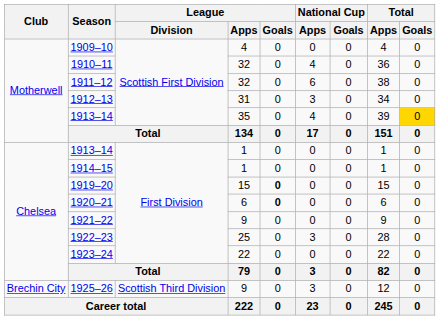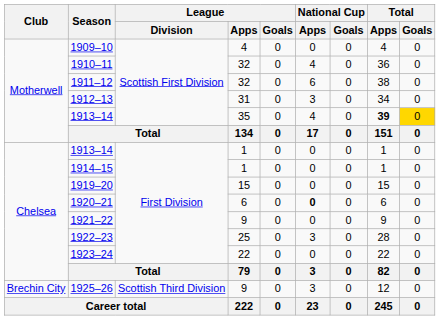 <table class="wikitable" style="text-align: center;">
 <tr>
 <th rowspan="2">Club</th>
 <th rowspan="2">Season</th>
 <th colspan="3">League</th>
 <th colspan="2">National Cup</th>
 <th colspan="2">Total</th>
 </tr>
 <tr>
 <th>Division</th>
 <th>Apps</th>
 <th>Goals</th>
 <th>Apps</th>
 <th>Goals</th>
 <th>Apps</th>
 <th>Goals</th>
 </tr>
 <tr>
 <td rowspan="6"><a href='#'>Motherwell</a></td>
 <td><a href='#'>1909–10</a></td>
 <td rowspan="5"><a href='#'>Scottish First Division</a></td>
 <td>4</td>
 <td>0</td>
 <td>0</td>
 <td>0</td>
 <td>4</td>
 <td>0</td>
 </tr>
 <tr>
 <td><a href='#'>1910–11</a></td>
 <td>32</td>
 <td>0</td>
 <td>4</td>
 <td>0</td>
 <td>36</td>
 <td>0</td>
 </tr>
 <tr>
 <td><a href='#'>1911–12</a></td>
 <td>32</td>
 <td>0</td>
 <td>6</td>
 <td>0</td>
 <td>38</td>
 <td>0</td>
 </tr>
 <tr>
 <td><a href='#'>1912–13</a></td>
 <td>31</td>
 <td>0</td>
 <td>3</td>
 <td>0</td>
 <td>34</td>
 <td>0</td>
 </tr>
 <tr>
 <td><a href='#'>1913–14</a></td>
 <td>35</td>
 <td>0</td>
 <td>4</td>
 <td>0</td>
-<td>39</td>
+<td><strong>39</strong></td>
 <td style="background: gold;">0</td>
 </tr>
 <tr>
 <th colspan="2">Total</th>
 <th>134</th>
 <th>0</th>
 <th>17</th>
 <th>0</th>
 <th>151</th>
 <th>0</th>
 </tr>
 <tr>
 <td rowspan="8"><a href='#'>Chelsea</a></td>
 <td><a href='#'>1913–14</a></td>
 <td rowspan="7"><a href='#'>First Division</a></td>
 <td>1</td>
 <td>0</td>
 <td>0</td>
 <td>0</td>
 <td>1</td>
 <td>0</td>
 </tr>
 <tr>
 <td><a href='#'>1914–15</a></td>
 <td>1</td>
 <td>0</td>
 <td>0</td>
 <td>0</td>
 <td>1</td>
 <td>0</td>
 </tr>
 <tr>
 <td><a href='#'>1919–20</a></td>
 <td>15</td>
-<td><strong>0</strong></td>
+<td>0</td>
 <td>0</td>
 <td>0</td>
 <td>15</td>
 <td>0</td>
 </tr>
 <tr>
 <td><a href='#'>1920–21</a></td>
 <td>6</td>
+<td>0</td>
 <td><strong>0</strong></td>
-<td>0</td>
 <td>0</td>
 <td>6</td>
 <td>0</td>
 </tr>
 <tr>
 <td><a href='#'>1921–22</a></td>
 <td>9</td>
 <td>0</td>
 <td>0</td>
 <td>0</td>
 <td>9</td>
 <td>0</td>
 </tr>
 <tr>
 <td><a href='#'>1922–23</a></td>
 <td>25</td>
 <td>0</td>
 <td>3</td>
 <td>0</td>
 <td>28</td>
 <td>0</td>
 </tr>
 <tr>
 <td><a href='#'>1923–24</a></td>
 <td>22</td>
 <td>0</td>
 <td>0</td>
 <td>0</td>
 <td>22</td>
 <td>0</td>
 </tr>
 <tr>
 <th colspan="2">Total</th>
 <th>79</th>
 <th>0</th>
 <th>3</th>
 <th>0</th>
 <th>82</th>
 <th>0</th>
 </tr>
 <tr>
 <td><a href='#'>Brechin City</a></td>
 <td><a href='#'>1925–26</a></td>
 <td><a href='#'>Scottish Third Division</a></td>
 <td>9</td>
 <td>0</td>
 <td>3</td>
 <td>0</td>
 <td>12</td>
 <td>0</td>
 </tr>
 <tr>
 <th colspan="3">Career total</th>
 <th>222</th>
 <th>0</th>
 <th>23</th>
 <th>0</th>
 <th>245</th>
 <th>0</th>
 </tr>
 </table>
